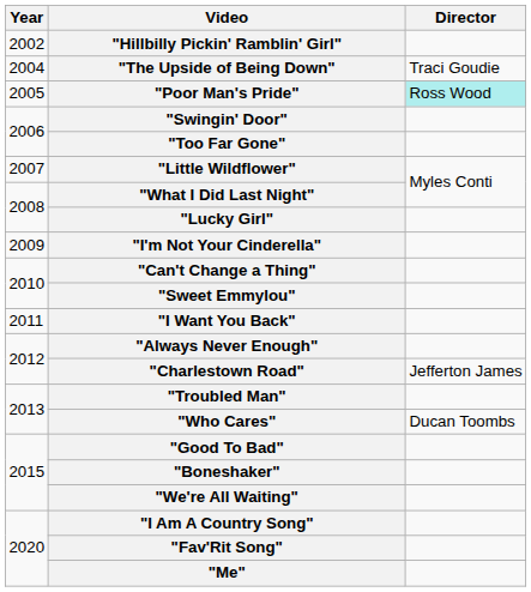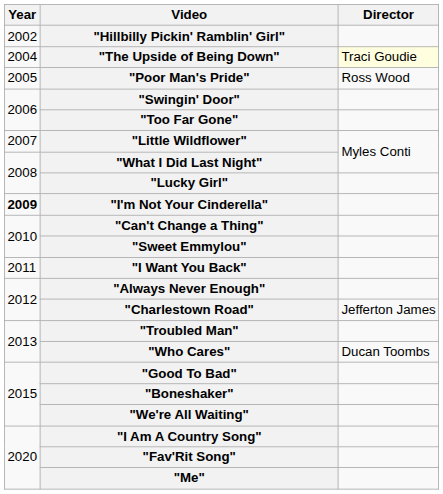 <table class="wikitable plainrowheaders">
 <tr>
 <th>Year</th>
 <th style="width:22em;">Video</th>
 <th>Director</th>
 </tr>
 <tr>
 <td>2002</td>
 <th scope="row">"Hillbilly Pickin' Ramblin' Girl"</th>
 <td></td>
 </tr>
 <tr>
 <td>2004</td>
 <th scope="row">"The Upside of Being Down"</th>
-<td>Traci Goudie</td>
+<td style="background: lightyellow;">Traci Goudie</td>
 </tr>
 <tr>
 <td>2005</td>
 <th scope="row">"Poor Man's Pride"</th>
-<td style="background: paleturquoise;">Ross Wood</td>
+<td>Ross Wood</td>
 </tr>
 <tr>
 <td rowspan="2">2006</td>
 <th scope="row">"Swingin' Door"</th>
 <td></td>
 </tr>
 <tr>
 <th scope="row">"Too Far Gone"</th>
 <td></td>
 </tr>
 <tr>
 <td>2007</td>
 <th scope="row">"Little Wildflower"</th>
 <td rowspan="2">Myles Conti</td>
 </tr>
 <tr>
 <td rowspan="2">2008</td>
 <th scope="row">"What I Did Last Night"</th>
 </tr>
 <tr>
 <th scope="row">"Lucky Girl"</th>
 <td></td>
 </tr>
 <tr>
-<td>2009</td>
+<td><strong>2009</strong></td>
 <th scope="row">"I'm Not Your Cinderella"</th>
 <td></td>
 </tr>
 <tr>
 <td rowspan="2">2010</td>
 <th scope="row">"Can't Change a Thing"</th>
 <td></td>
 </tr>
 <tr>
 <th scope="row">"Sweet Emmylou"</th>
 <td></td>
 </tr>
 <tr>
 <td>2011</td>
 <th scope="row">"I Want You Back"</th>
 <td></td>
 </tr>
 <tr>
 <td rowspan="2">2012</td>
 <th scope="row">"Always Never Enough"</th>
 <td></td>
 </tr>
 <tr>
 <th scope="row">"Charlestown Road"</th>
 <td>Jefferton James</td>
 </tr>
 <tr>
 <td rowspan="2">2013</td>
 <th scope="row">"Troubled Man"</th>
 <td></td>
 </tr>
 <tr>
 <th scope="row">"Who Cares"</th>
 <td>Ducan Toombs</td>
 </tr>
 <tr>
 <td rowspan="3">2015</td>
 <th scope="row">"Good To Bad"</th>
 <td></td>
 </tr>
 <tr>
 <th scope="row">"Boneshaker"</th>
 <td></td>
 </tr>
 <tr>
 <th scope="row">"We're All Waiting"</th>
 <td></td>
 </tr>
 <tr>
 <td rowspan="3">2020</td>
 <th scope="row">"I Am A Country Song"</th>
 <td></td>
 </tr>
 <tr>
 <th scope="row">"Fav'Rit Song"</th>
 <td></td>
 </tr>
 <tr>
 <th scope="row">"Me"</th>
 <td></td>
 </tr>
 </table>
